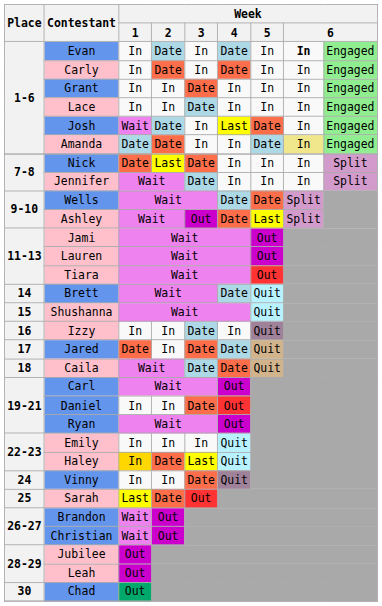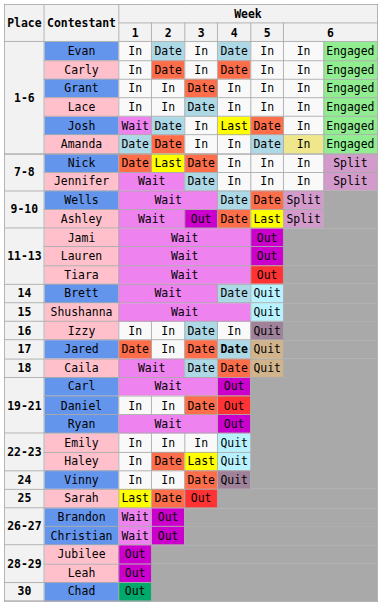 <table class="wikitable" style="text-align:center">
 <tr>
 <th rowspan=2>Place</th>
 <th rowspan=2>Contestant</th>
 <th colspan=7>Week</th>
 </tr>
 <tr>
 <th>1</th>
 <th>2</th>
 <th>3</th>
 <th>4</th>
 <th>5</th>
 <th colspan=2>6</th>
 </tr>
 <tr>
 <th rowspan="6">1-6</th>
 <td bgcolor="#6495ED">Evan</td>
 <td>In</td>
 <td bgcolor=#ADD8E6>Date</td>
 <td>In</td>
 <td bgcolor=#ADD8E6>Date</td>
 <td>In</td>
-<td><strong>In</strong></td>
+<td>In</td>
 <td bgcolor="90EE90">Engaged</td>
 </tr>
 <tr>
 <td bgcolor="#FFC0CB">Carly</td>
 <td>In</td>
 <td bgcolor=#FF6E4A>Date</td>
 <td>In</td>
 <td bgcolor=#FF6E4A>Date</td>
 <td>In</td>
 <td>In</td>
 <td bgcolor="90EE90">Engaged</td>
 </tr>
 <tr>
 <td bgcolor="#6495ED">Grant</td>
 <td>In</td>
 <td>In</td>
 <td bgcolor=#FF6E4A>Date</td>
 <td>In</td>
 <td>In</td>
 <td>In</td>
 <td bgcolor="90EE90">Engaged</td>
 </tr>
 <tr>
 <td bgcolor="#FFC0CB">Lace</td>
 <td>In</td>
 <td>In</td>
 <td bgcolor=#ADD8E6>Date</td>
 <td>In</td>
 <td>In</td>
 <td>In</td>
 <td bgcolor="90EE90">Engaged</td>
 </tr>
 <tr>
 <td bgcolor="#6495ED">Josh</td>
 <td bgcolor="violet">Wait</td>
 <td bgcolor=#ADD8E6>Date</td>
 <td>In</td>
 <td bgcolor="#FFFF00">Last</td>
 <td bgcolor=#FF6E4A>Date</td>
 <td>In</td>
 <td bgcolor="90EE90">Engaged</td>
 </tr>
 <tr>
 <td bgcolor="#FFC0CB">Amanda</td>
 <td bgcolor=#ADD8E6>Date</td>
 <td bgcolor=#FF6E4A>Date</td>
 <td>In</td>
 <td>In</td>
 <td bgcolor=#ADD8E6>Date</td>
 <td style="background: khaki;">In</td>
 <td bgcolor="90EE90">Engaged</td>
 </tr>
 <tr>
 </tr>
 <tr>
 <th rowspan="2">7-8</th>
 <td bgcolor="#6495ED">Nick</td>
 <td bgcolor=#FF6E4A>Date</td>
 <td bgcolor=#FFFF00>Last</td>
 <td bgcolor=#FF6E4A>Date</td>
 <td>In</td>
 <td>In</td>
 <td>In</td>
 <td bgcolor="#D39BCB">Split</td>
 </tr>
 <tr>
 <td bgcolor="#FFC0CB">Jennifer</td>
 <td bgcolor="violet" colspan=2>Wait</td>
 <td bgcolor=#ADD8E6>Date</td>
 <td>In</td>
 <td>In</td>
 <td>In</td>
 <td bgcolor="#D39BCB">Split</td>
 </tr>
 <tr>
 <th rowspan="2">9-10</th>
 <td bgcolor="#6495ED">Wells</td>
 <td bgcolor="violet" colspan=3>Wait</td>
 <td bgcolor=#ADD8E6>Date</td>
 <td bgcolor=#ff6e4a>Date</td>
 <td bgcolor="#D39BCB">Split</td>
 <td bgcolor="A9A9A9" colspan= 6></td>
 </tr>
 <tr>
 <td bgcolor="#FFC0CB">Ashley</td>
 <td bgcolor="violet" colspan=2>Wait</td>
 <td bgcolor="#cc00cc">Out</td>
 <td bgcolor=#FF6E4A>Date</td>
 <td bgcolor="#FFFF00">Last</td>
 <td bgcolor="#D39BCB">Split</td>
 <td bgcolor="A9A9A9" colspan= 6></td>
 </tr>
 <tr>
 <th rowspan="3">11-13</th>
 <td bgcolor="#FFC0CB">Jami</td>
 <td bgcolor="violet" colspan=4>Wait</td>
 <td bgcolor="#cc00cc">Out</td>
 <td bgcolor="A9A9A9" colspan= 6></td>
 </tr>
 <tr>
 <td bgcolor="#FFC0CB">Lauren</td>
 <td bgcolor="violet" colspan=4>Wait</td>
 <td bgcolor="cc00cc">Out</td>
 <td bgcolor="A9A9A9" colspan= 6></td>
 </tr>
 <tr>
 <td bgcolor="#FFC0CB">Tiara</td>
 <td bgcolor="violet" colspan=4>Wait</td>
 <td bgcolor=#FF3333>Out</td>
 <td bgcolor="A9A9A9" colspan= 6></td>
 </tr>
 <tr>
 <th>14</th>
 <td bgcolor="#6495ED">Brett</td>
 <td bgcolor="violet" colspan=3>Wait</td>
 <td bgcolor=#ADD8E6>Date</td>
 <td bgcolor=#B9F2FF>Quit</td>
 <td bgcolor="A9A9A9" colspan= 6></td>
 </tr>
 <tr>
 <th>15</th>
 <td bgcolor="#FFC0CB">Shushanna</td>
 <td bgcolor="violet" colspan=4>Wait</td>
 <td bgcolor="#B9F2FF">Quit</td>
 <td bgcolor="A9A9A9" colspan= 6></td>
 </tr>
 <tr>
 <th>16</th>
 <td bgcolor="#FFC0CB">Izzy</td>
 <td>In</td>
 <td>In</td>
 <td bgcolor=#ADD8E6>Date</td>
 <td>In</td>
 <td bgcolor="#9F8199">Quit</td>
 <td bgcolor="A9A9A9" colspan= 6></td>
 </tr>
 <tr>
 <th>17</th>
 <td bgcolor="#6495ED">Jared</td>
 <td bgcolor="#FF6E4A">Date</td>
 <td>In</td>
 <td bgcolor="#FF6E4A">Date</td>
-<td bgcolor="#ADD8E6">Date</td>
+<td bgcolor="#ADD8E6"><strong>Date</strong></td>
 <td bgcolor="tan">Quit</td>
 <td bgcolor="A9A9A9" colspan= 6></td>
 </tr>
 <tr>
 <th>18</th>
 <td bgcolor="#FFC0CB">Caila</td>
 <td colspan="2" bgcolor="violet">Wait</td>
 <td bgcolor="#ADD8E6">Date</td>
 <td bgcolor="#FF6E4A">Date</td>
 <td bgcolor="tan">Quit</td>
 <td bgcolor="A9A9A9" colspan= 6></td>
 </tr>
 <tr>
 <th rowspan=3>19-21</th>
 <td bgcolor="#6495ED">Carl</td>
 <td bgcolor="violet" colspan=3>Wait</td>
 <td bgcolor="#cc00cc">Out</td>
 <td bgcolor="A9A9A9" rowspan=6 colspan= 6></td>
 </tr>
 <tr>
 <td bgcolor="#6495ED">Daniel</td>
 <td>In</td>
 <td>In</td>
 <td bgcolor=#FF6E4A>Date</td>
 <td bgcolor=#FF3333>Out</td>
 </tr>
 <tr>
 <td bgcolor="#6495ED">Ryan</td>
 <td bgcolor="violet" colspan=3>Wait</td>
 <td bgcolor="#cc00cc">Out</td>
 </tr>
 <tr>
 <th rowspan=2>22-23</th>
 <td bgcolor="#FFC0CB">Emily</td>
 <td>In</td>
 <td>In</td>
 <td>In</td>
 <td bgcolor=#B9F2FF>Quit</td>
 </tr>
 <tr>
 <td bgcolor="#FFC0CB">Haley</td>
-<td style="background: gold;">In</td>
+<td>In</td>
 <td bgcolor="#FF6E4A">Date</td>
 <td bgcolor=#FFFF00>Last</td>
 <td bgcolor=#B9F2FF>Quit</td>
 </tr>
 <tr>
 <th>24</th>
 <td bgcolor="#6495ED">Vinny</td>
 <td>In</td>
 <td>In</td>
 <td bgcolor=#FF6E4A>Date</td>
 <td bgcolor=#9F8199>Quit</td>
 </tr>
 <tr>
 <th>25</th>
 <td bgcolor="#FFC0CB">Sarah</td>
 <td bgcolor=#FFFF00>Last</td>
 <td bgcolor="#FF6E4A">Date</td>
 <td bgcolor=#FF3333>Out</td>
 <td bgcolor="A9A9A9" colspan= 5></td>
 </tr>
 <tr>
 <th rowspan=2>26-27</th>
 <td bgcolor="#6495ED">Brandon</td>
 <td bgcolor="violet">Wait</td>
 <td bgcolor="#cc00cc">Out</td>
 <td bgcolor="A9A9A9" colspan= 5></td>
 </tr>
 <tr>
 <td bgcolor="#6495ED">Christian</td>
 <td bgcolor="violet">Wait</td>
 <td bgcolor="#cc00cc">Out</td>
 <td bgcolor="A9A9A9" colspan= 5></td>
 </tr>
 <tr>
 <th rowspan=2>28-29</th>
 <td bgcolor="#FFC0CB">Jubilee</td>
 <td bgcolor="#cc00cc">Out</td>
 <td bgcolor="A9A9A9" colspan= 6></td>
 </tr>
 <tr>
 <td bgcolor="#FFC0CB">Leah</td>
 <td bgcolor="#cc00cc">Out</td>
 <td bgcolor="A9A9A9" colspan= 6></td>
 </tr>
 <tr>
 <th>30</th>
 <td bgcolor="#6495ED">Chad</td>
 <td bgcolor="#00a86b">Out</td>
 <td bgcolor="A9A9A9" colspan= 6></td>
 </tr>
 <tr>
 </tr>
 </table>
